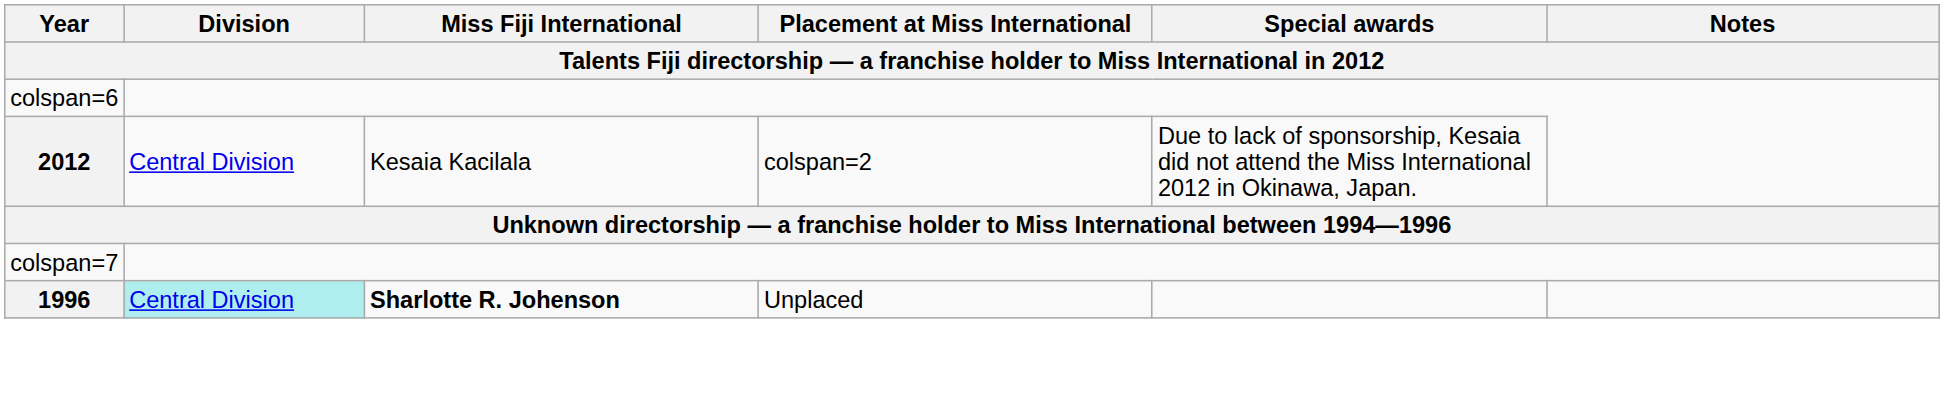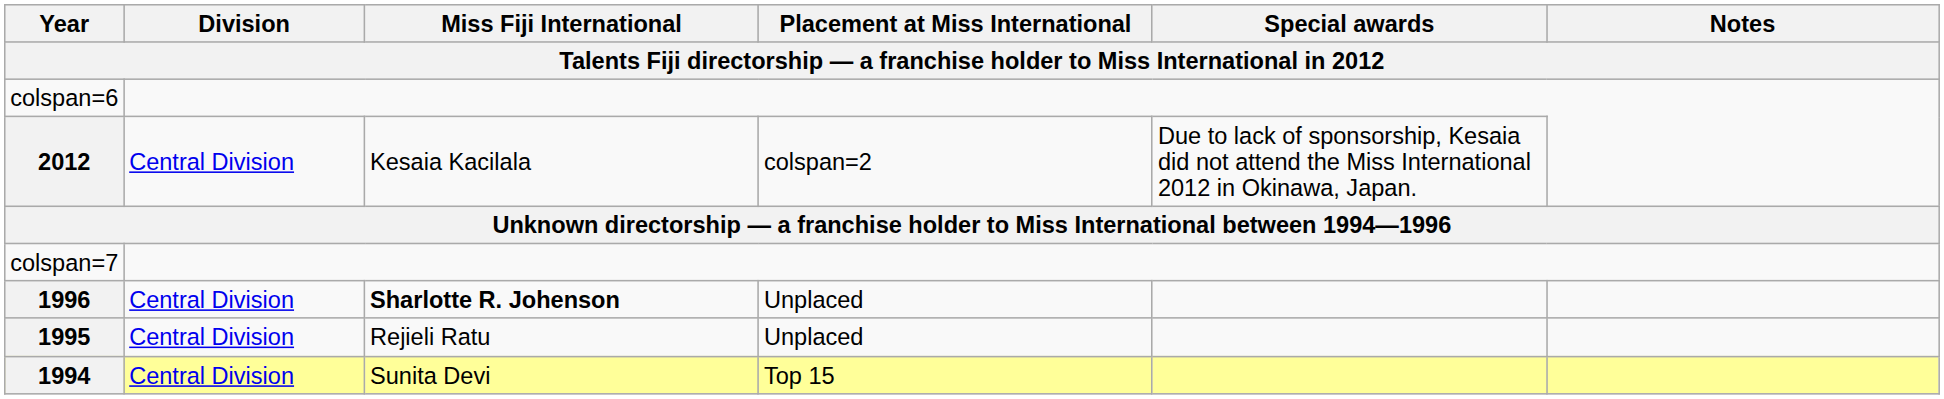 <table class="wikitable " style="font-size: 95%;">
 <tr>
 <th width="60">Year</th>
 <th width="150">Division</th>
 <th width="250">Miss Fiji International</th>
 <th width="250">Placement at Miss International</th>
 <th width="250">Special awards</th>
 <th width="250">Notes</th>
 </tr>
 <tr>
 <th colspan="6">Talents Fiji directorship — a franchise holder to Miss International in 2012</th>
 </tr>
 <tr>
 <td>colspan=6 </td>
 </tr>
 <tr>
 <th>2012</th>
 <td><a href='#'>Central Division</a></td>
 <td>Kesaia Kacilala</td>
 <td>colspan=2 </td>
 <td>Due to lack of sponsorship, Kesaia did not attend the Miss International 2012 in Okinawa, Japan.</td>
 </tr>
 <tr>
 <th colspan="6">Unknown directorship — a franchise holder to Miss International between 1994―1996</th>
 </tr>
 <tr>
 <td>colspan=7 </td>
 </tr>
 <tr>
 <th>1996</th>
-<td style="background: paleturquoise;"><a href='#'>Central Division</a></td>
+<td><a href='#'>Central Division</a></td>
 <td><strong>Sharlotte R. Johenson</strong></td>
 <td>Unplaced</td>
 <td></td>
 <td></td>
 </tr>
+<tr>
+<th>1995</th>
+<td><a href='#'>Central Division</a></td>
+<td>Rejieli Ratu</td>
+<td>Unplaced</td>
+<td></td>
+<td></td>
+</tr>
+<tr style="background-color:#FFFF99">
+<th>1994</th>
+<td><a href='#'>Central Division</a></td>
+<td>Sunita Devi</td>
+<td>Top 15</td>
+<td></td>
+<td></td>
+</tr>
 </table>
